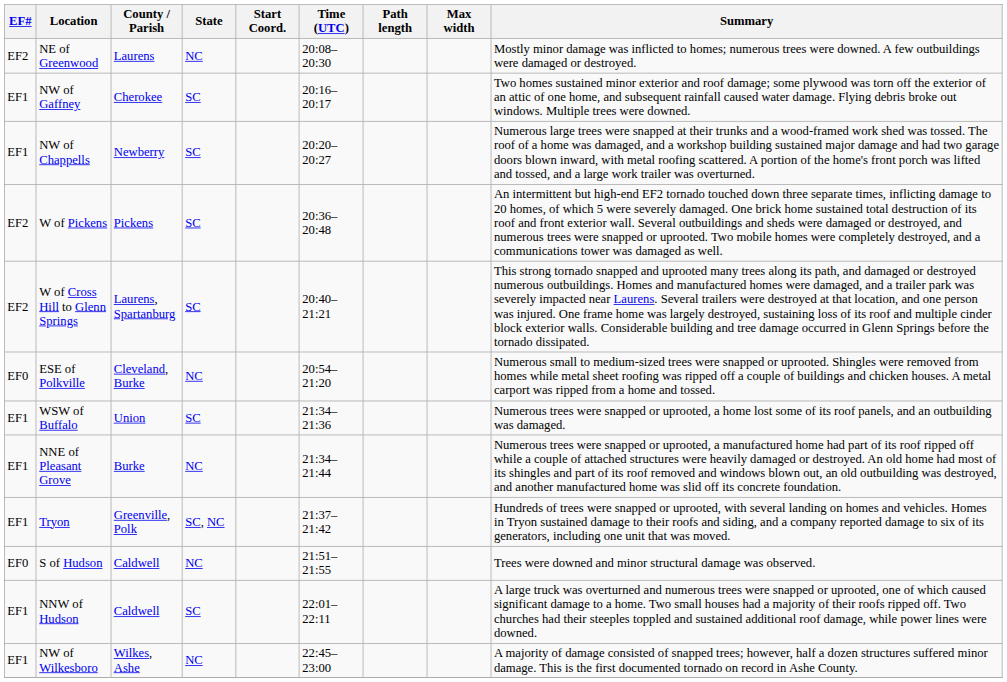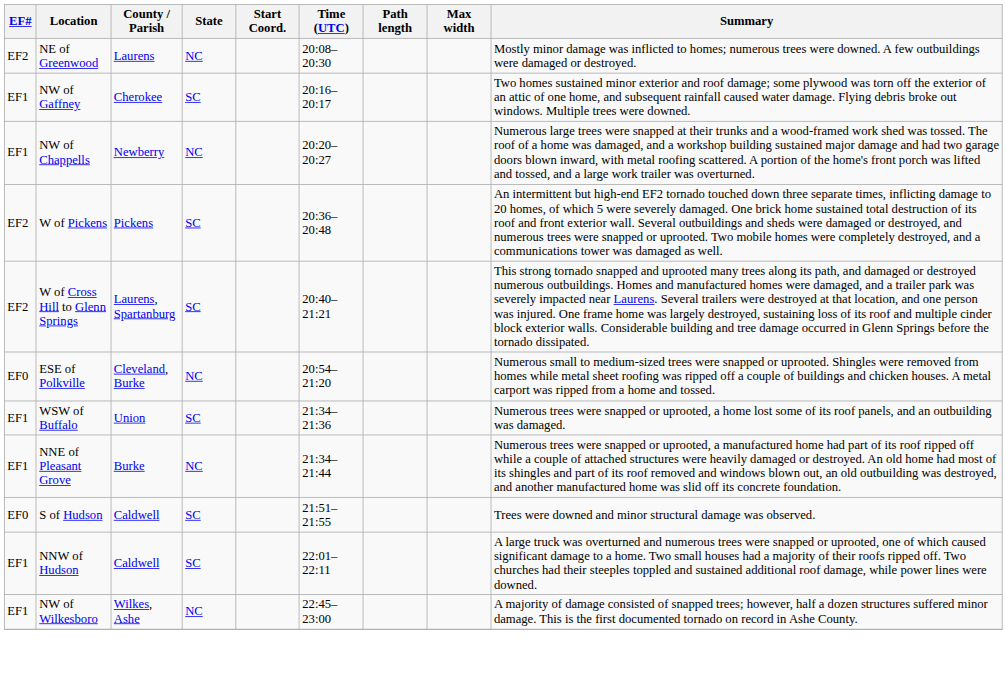 <table class="wikitable sortable" style="width:100%;">
 <tr>
 <th scope="col"  style="width:3%; text-align:center;"><a href='#'>EF#</a></th>
 <th scope="col"  style="width:7%; text-align:center;" class="unsortable">Location</th>
 <th scope="col"  style="width:6%; text-align:center;" class="unsortable">County / Parish</th>
 <th scope="col"  style="width:5%; text-align:center;">State</th>
 <th scope="col"  style="width:6%; text-align:center;">Start Coord.</th>
 <th scope="col"  style="width:6%; text-align:center;">Time (<a href='#'>UTC</a>)</th>
 <th scope="col"  style="width:6%; text-align:center;">Path length</th>
 <th scope="col"  style="width:6%; text-align:center;">Max width</th>
 <th scope="col" class="unsortable" style="width:48%; text-align:center;">Summary</th>
 </tr>
 <tr>
 <td>EF2</td>
 <td>NE of <a href='#'>Greenwood</a></td>
 <td><a href='#'>Laurens</a></td>
 <td><a href='#'>NC</a></td>
 <td></td>
 <td>20:08–20:30</td>
 <td></td>
 <td></td>
 <td>Mostly minor damage was inflicted to homes; numerous trees were downed. A few outbuildings were damaged or destroyed.</td>
 </tr>
 <tr>
 <td>EF1</td>
 <td>NW of <a href='#'>Gaffney</a></td>
 <td><a href='#'>Cherokee</a></td>
 <td><a href='#'>SC</a></td>
 <td></td>
 <td>20:16–20:17</td>
 <td></td>
 <td></td>
 <td>Two homes sustained minor exterior and roof damage; some plywood was torn off the exterior of an attic of one home, and subsequent rainfall caused water damage. Flying debris broke out windows. Multiple trees were downed.</td>
 </tr>
 <tr>
 <td>EF1</td>
 <td>NW of <a href='#'>Chappells</a></td>
 <td><a href='#'>Newberry</a></td>
-<td><a href='#'>SC</a></td>
+<td><a href='#'>NC</a></td>
 <td></td>
 <td>20:20–20:27</td>
 <td></td>
 <td></td>
 <td>Numerous large trees were snapped at their trunks and a wood-framed work shed was tossed. The roof of a home was damaged, and a workshop building sustained major damage and had two garage doors blown inward, with metal roofing scattered. A portion of the home's front porch was lifted and tossed, and a large work trailer was overturned.</td>
 </tr>
 <tr>
 <td>EF2</td>
 <td>W of <a href='#'>Pickens</a></td>
 <td><a href='#'>Pickens</a></td>
 <td><a href='#'>SC</a></td>
 <td></td>
 <td>20:36–20:48</td>
 <td></td>
 <td></td>
 <td>An intermittent but high-end EF2 tornado touched down three separate times, inflicting damage to 20 homes, of which 5 were severely damaged. One brick home sustained total destruction of its roof and front exterior wall. Several outbuildings and sheds were damaged or destroyed, and numerous trees were snapped or uprooted. Two mobile homes were completely destroyed, and a communications tower was damaged as well.</td>
 </tr>
 <tr>
 <td>EF2</td>
 <td>W of <a href='#'>Cross Hill</a> to <a href='#'>Glenn Springs</a></td>
 <td><a href='#'>Laurens</a>, <a href='#'>Spartanburg</a></td>
 <td><a href='#'>SC</a></td>
 <td></td>
 <td>20:40–21:21</td>
 <td></td>
 <td></td>
 <td>This strong tornado snapped and uprooted many trees along its path, and damaged or destroyed numerous outbuildings. Homes and manufactured homes were damaged, and a trailer park was severely impacted near <a href='#'>Laurens</a>. Several trailers were destroyed at that location, and one person was injured. One frame home was largely destroyed, sustaining loss of its roof and multiple cinder block exterior walls. Considerable building and tree damage occurred in Glenn Springs before the tornado dissipated.</td>
 </tr>
 <tr>
 <td>EF0</td>
 <td>ESE of <a href='#'>Polkville</a></td>
 <td><a href='#'>Cleveland</a>, <a href='#'>Burke</a></td>
 <td><a href='#'>NC</a></td>
 <td></td>
 <td>20:54–21:20</td>
 <td></td>
 <td></td>
 <td>Numerous small to medium-sized trees were snapped or uprooted. Shingles were removed from homes while metal sheet roofing was ripped off a couple of buildings and chicken houses. A metal carport was ripped from a home and tossed.</td>
 </tr>
 <tr>
 <td>EF1</td>
 <td>WSW of <a href='#'>Buffalo</a></td>
 <td><a href='#'>Union</a></td>
 <td><a href='#'>SC</a></td>
 <td></td>
 <td>21:34–21:36</td>
 <td></td>
 <td></td>
 <td>Numerous trees were snapped or uprooted, a home lost some of its roof panels, and an outbuilding was damaged.</td>
 </tr>
 <tr>
 <td>EF1</td>
 <td>NNE of <a href='#'>Pleasant Grove</a></td>
 <td><a href='#'>Burke</a></td>
 <td><a href='#'>NC</a></td>
 <td></td>
 <td>21:34–21:44</td>
 <td></td>
 <td></td>
 <td>Numerous trees were snapped or uprooted, a manufactured home had part of its roof ripped off while a couple of attached structures were heavily damaged or destroyed. An old home had most of its shingles and part of its roof removed and windows blown out, an old outbuilding was destroyed, and another manufactured home was slid off its concrete foundation.</td>
 </tr>
 <tr>
-<td>EF1</td>
-<td><a href='#'>Tryon</a></td>
-<td><a href='#'>Greenville</a>, <a href='#'>Polk</a></td>
-<td><a href='#'>SC</a>, <a href='#'>NC</a></td>
-<td></td>
-<td>21:37–21:42</td>
-<td></td>
-<td></td>
-<td>Hundreds of trees were snapped or uprooted, with several landing on homes and vehicles. Homes in Tryon sustained damage to their roofs and siding, and a company reported damage to six of its generators, including one  unit that was moved.</td>
-</tr>
-<tr>
 <td>EF0</td>
 <td>S of <a href='#'>Hudson</a></td>
 <td><a href='#'>Caldwell</a></td>
-<td><a href='#'>NC</a></td>
+<td><a href='#'>SC</a></td>
 <td></td>
 <td>21:51–21:55</td>
 <td></td>
 <td></td>
 <td>Trees were downed and minor structural damage was observed.</td>
 </tr>
 <tr>
 <td>EF1</td>
 <td>NNW of <a href='#'>Hudson</a></td>
 <td><a href='#'>Caldwell</a></td>
 <td><a href='#'>SC</a></td>
 <td></td>
 <td>22:01–22:11</td>
 <td></td>
 <td></td>
 <td>A large truck was overturned and numerous trees were snapped or uprooted, one of which caused significant damage to a home. Two small houses had a majority of their roofs ripped off. Two churches had their steeples toppled and sustained additional roof damage, while power lines were downed.</td>
 </tr>
 <tr>
 <td>EF1</td>
 <td>NW of <a href='#'>Wilkesboro</a></td>
 <td><a href='#'>Wilkes</a>, <a href='#'>Ashe</a></td>
 <td><a href='#'>NC</a></td>
 <td></td>
 <td>22:45–23:00</td>
 <td></td>
 <td></td>
 <td>A majority of damage consisted of snapped trees; however, half a dozen structures suffered minor damage. This is the first documented tornado on record in Ashe County.</td>
 </tr>
 <tr>
 </tr>
 </table>
